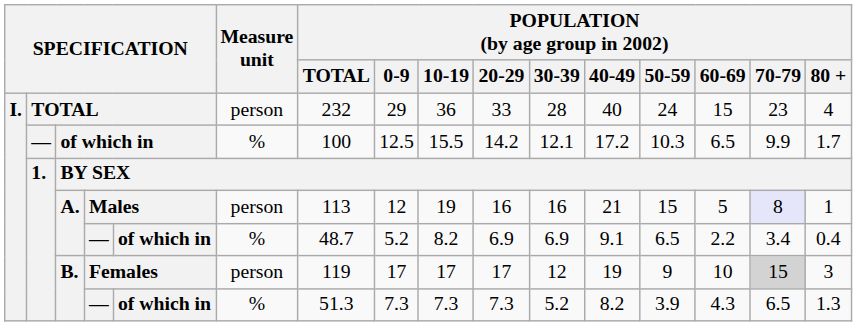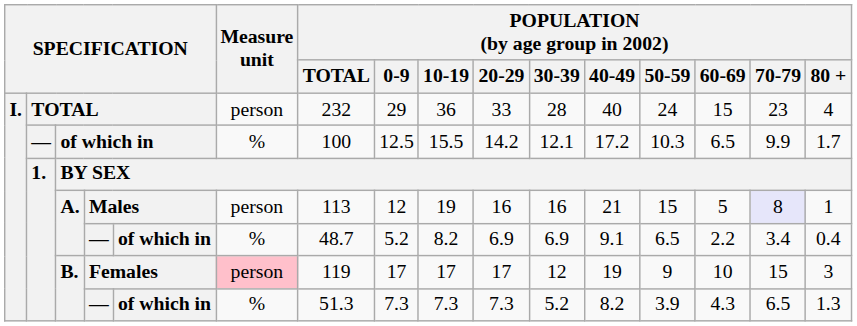 <table class="wikitable" style="font-size:85%; text-align:center">
 <tr>
 <th rowspan="2" colspan="5">SPECIFICATION</th>
 <th rowspan="2">Measure<br> unit</th>
 <th colspan="10" rowspan="1">POPULATION<br> (by age group in 2002)</th>
 </tr>
 <tr>
 <th>TOTAL</th>
 <th>0-9</th>
 <th>10-19</th>
 <th>20-29</th>
 <th>30-39</th>
 <th>40-49</th>
 <th>50-59</th>
 <th>60-69</th>
 <th>70-79</th>
 <th>80 +</th>
 </tr>
 <tr>
 <th style="text-align:left" valign="top" rowspan="7">I.</th>
 <th style="text-align:left" colspan="4">TOTAL</th>
 <td>person</td>
 <td>232</td>
 <td>29</td>
 <td>36</td>
 <td>33</td>
 <td>28</td>
 <td>40</td>
 <td>24</td>
 <td>15</td>
 <td>23</td>
 <td>4</td>
 </tr>
 <tr>
 <th style="text-align:left" valign="top">—</th>
 <th style="text-align:left" colspan="3">of which in</th>
 <td>%</td>
 <td>100</td>
 <td>12.5</td>
 <td>15.5</td>
 <td>14.2</td>
 <td>12.1</td>
 <td>17.2</td>
 <td>10.3</td>
 <td>6.5</td>
 <td>9.9</td>
 <td>1.7</td>
 </tr>
 <tr>
 <th style="text-align:left" valign="top" rowspan="5">1.</th>
 <th style="text-align:left" colspan="14">BY SEX</th>
 </tr>
 <tr>
 <th style="text-align:left" valign="top" rowspan="2">A.</th>
 <th style="text-align:left" colspan="2">Males</th>
 <td>person</td>
 <td>113</td>
 <td>12</td>
 <td>19</td>
 <td>16</td>
 <td>16</td>
 <td>21</td>
 <td>15</td>
 <td>5</td>
 <td style="background: lavender;">8</td>
 <td>1</td>
 </tr>
 <tr>
 <th style="text-align:left" valign="top">—</th>
 <th style="text-align:left" colspan="1">of which in</th>
 <td>%</td>
 <td>48.7</td>
 <td>5.2</td>
 <td>8.2</td>
 <td>6.9</td>
 <td>6.9</td>
 <td>9.1</td>
 <td>6.5</td>
 <td>2.2</td>
 <td>3.4</td>
 <td>0.4</td>
 </tr>
 <tr>
 <th style="text-align:left" valign="top" rowspan="2">B.</th>
 <th style="text-align:left" colspan="2">Females</th>
-<td>person</td>
+<td style="background: pink;">person</td>
 <td>119</td>
 <td>17</td>
 <td>17</td>
 <td>17</td>
 <td>12</td>
 <td>19</td>
 <td>9</td>
 <td>10</td>
-<td style="background: lightgrey;">15</td>
+<td>15</td>
 <td>3</td>
 </tr>
 <tr>
 <th style="text-align:left" valign="top">—</th>
 <th style="text-align:left" colspan="1">of which in</th>
 <td>%</td>
 <td>51.3</td>
 <td>7.3</td>
 <td>7.3</td>
 <td>7.3</td>
 <td>5.2</td>
 <td>8.2</td>
 <td>3.9</td>
 <td>4.3</td>
 <td>6.5</td>
 <td>1.3</td>
 </tr>
 </table>
